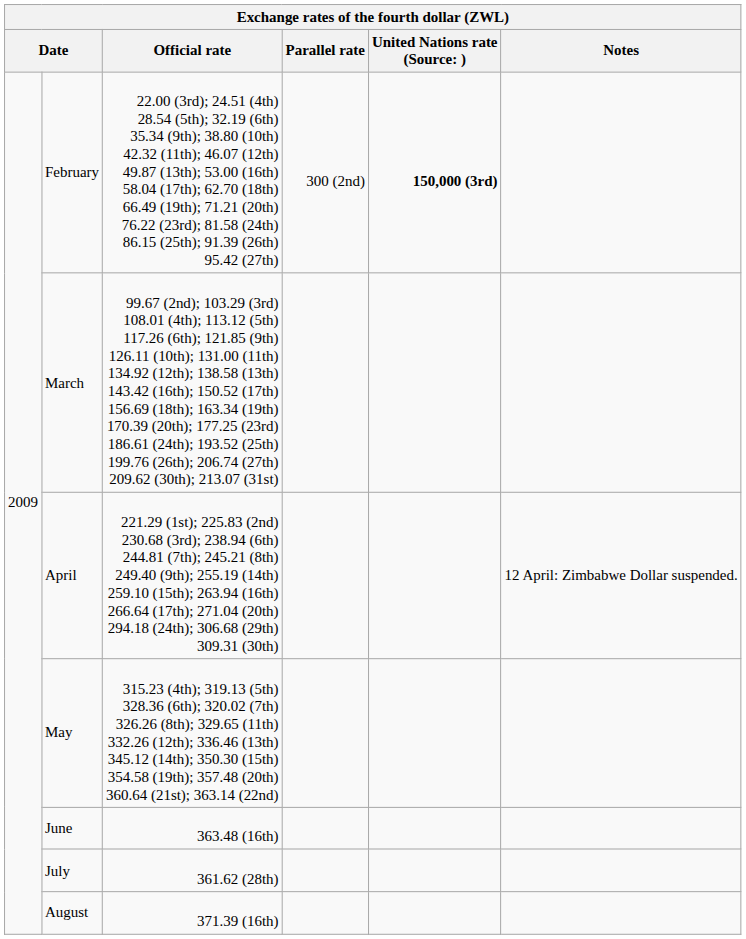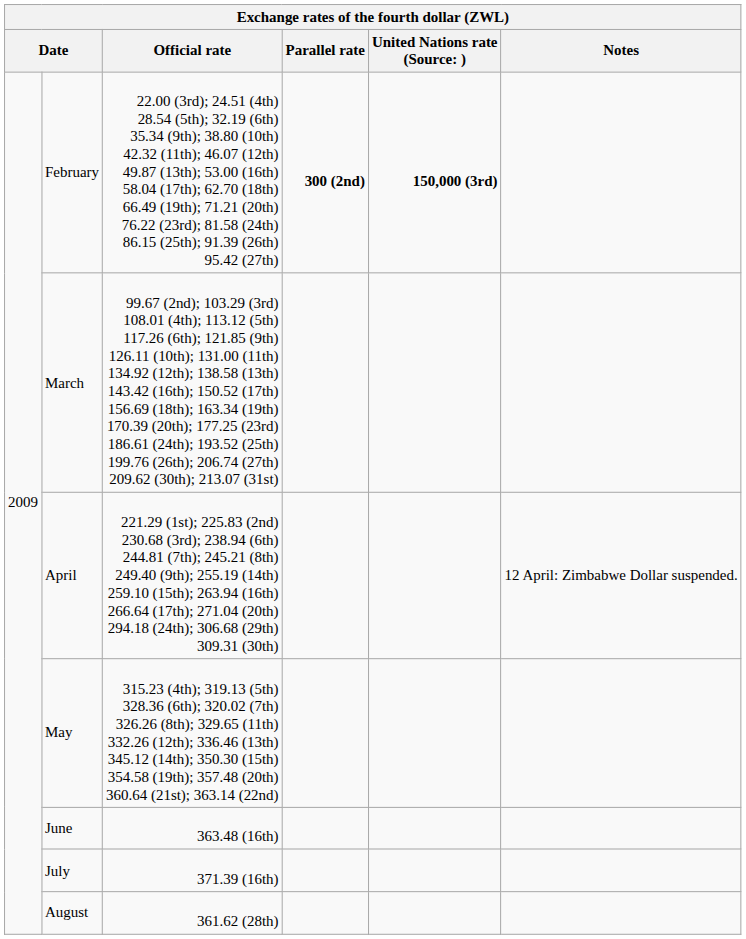 <table class="wikitable collapsible autocollapse" style="font-size: 90%">
 <tr>
 <th colspan=6>Exchange rates of the fourth dollar (ZWL)</th>
 </tr>
 <tr>
 <th colspan=2>Date</th>
 <th>Official rate</th>
 <th>Parallel rate<br></th>
 <th>United Nations rate<br>(Source: )</th>
 <th>Notes</th>
 </tr>
 <tr>
 <td rowspan=7>2009</td>
 <td>February</td>
 <td style="text-align:right;"><br>22.00 (3rd); 24.51 (4th)<br> 28.54 (5th); 32.19 (6th)<br> 35.34 (9th); 38.80 (10th)<br> 42.32 (11th); 46.07 (12th)<br> 49.87 (13th); 53.00 (16th)<br> 58.04 (17th); 62.70 (18th)<br> 66.49 (19th); 71.21 (20th)<br> 76.22 (23rd); 81.58 (24th)<br> 86.15 (25th); 91.39 (26th)<br> 95.42 (27th)</td>
-<td style="text-align:right;"><br>300 (2nd) </td>
+<td style="text-align:right;"><strong><br>300 (2nd) </strong></td>
 <td style="text-align:right;"><strong><br>150,000 (3rd)</strong></td>
 <td></td>
 </tr>
 <tr>
 <td>March</td>
 <td style="text-align:right;"><br>99.67 (2nd); 103.29 (3rd)<br> 108.01 (4th); 113.12 (5th)<br> 117.26 (6th); 121.85 (9th)<br> 126.11 (10th); 131.00 (11th)<br> 134.92 (12th); 138.58 (13th)<br> 143.42 (16th); 150.52 (17th)<br> 156.69 (18th); 163.34 (19th)<br> 170.39 (20th); 177.25 (23rd)<br> 186.61 (24th); 193.52 (25th)<br> 199.76 (26th); 206.74 (27th)<br> 209.62 (30th); 213.07 (31st)</td>
 <td></td>
 <td></td>
 <td></td>
 </tr>
 <tr>
 <td>April</td>
 <td style="text-align:right;"><br>221.29 (1st); 225.83 (2nd)<br> 230.68 (3rd); 238.94 (6th)<br> 244.81 (7th); 245.21 (8th)<br> 249.40 (9th); 255.19 (14th)<br> 259.10 (15th); 263.94 (16th)<br> 266.64 (17th); 271.04 (20th)<br> 294.18 (24th); 306.68 (29th)<br> 309.31 (30th)<br></td>
 <td></td>
 <td></td>
 <td>12 April: Zimbabwe Dollar suspended.</td>
 </tr>
 <tr>
 <td>May</td>
 <td style="text-align:right;"><br>315.23 (4th); 319.13 (5th)<br> 328.36 (6th); 320.02 (7th)<br> 326.26 (8th); 329.65 (11th)<br> 332.26 (12th); 336.46 (13th)<br> 345.12 (14th); 350.30 (15th)<br> 354.58 (19th); 357.48 (20th)<br> 360.64 (21st); 363.14 (22nd)<br></td>
 <td></td>
 <td></td>
 <td></td>
 </tr>
 <tr>
 <td>June</td>
 <td style="text-align:right;"><br>363.48 (16th)<br></td>
 <td></td>
 <td></td>
 <td></td>
 </tr>
 <tr>
 <td>July</td>
-<td style="text-align:right;"><br>361.62 (28th)<br></td>
+<td style="text-align:right;"><br>371.39 (16th)<br></td>
 <td></td>
 <td></td>
 <td></td>
 </tr>
 <tr>
 <td>August</td>
-<td style="text-align:right;"><br>371.39 (16th)<br></td>
+<td style="text-align:right;"><br>361.62 (28th)<br></td>
 <td></td>
 <td></td>
 <td></td>
 </tr>
 </table>
